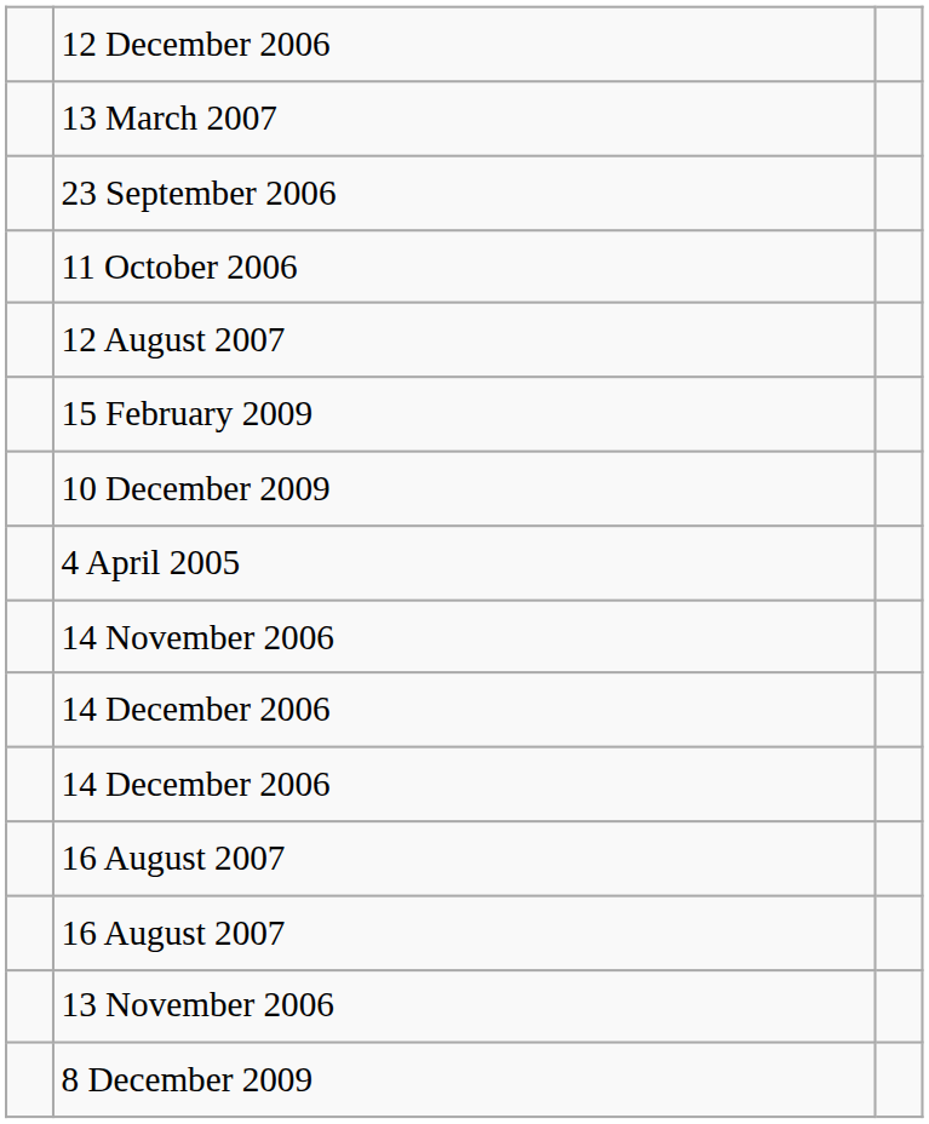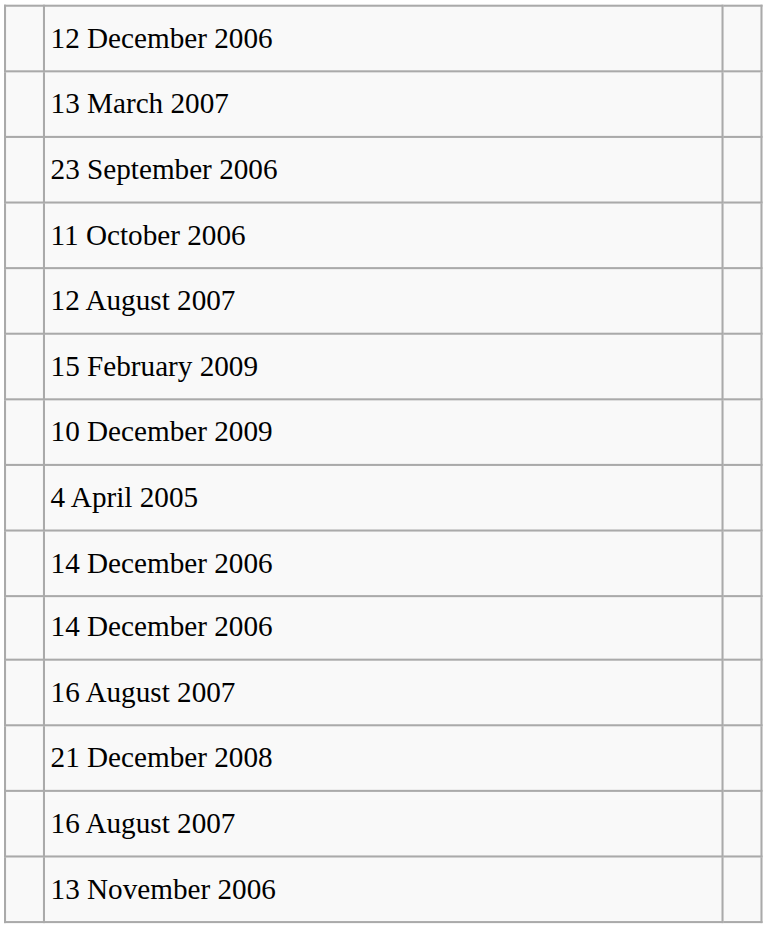 <table class="wikitable" style="font-size: 89%; float: left; width: 26em; margin-right: 1em; height: 448px;">
 <tr>
 <td></td>
 <td>12 December 2006</td>
 <td></td>
 </tr>
 <tr>
 <td></td>
 <td>13 March 2007</td>
 <td></td>
 </tr>
 <tr>
 <td></td>
 <td>23 September 2006</td>
 <td></td>
 </tr>
 <tr>
 <td></td>
 <td>11 October 2006</td>
 <td></td>
 </tr>
 <tr>
 <td></td>
 <td>12 August 2007</td>
 <td></td>
 </tr>
 <tr>
 <td></td>
 <td>15 February 2009</td>
 <td></td>
 </tr>
 <tr>
 <td></td>
 <td>10 December 2009</td>
 <td></td>
 </tr>
 <tr>
 <td></td>
 <td>4 April 2005</td>
 <td></td>
 </tr>
 <tr>
 <td></td>
-<td>14 November 2006</td>
-<td></td>
-</tr>
-<tr>
-<td></td>
 <td>14 December 2006</td>
 <td></td>
 </tr>
 <tr>
 <td></td>
 <td>14 December 2006</td>
 <td></td>
 </tr>
 <tr>
 <td></td>
 <td>16 August 2007</td>
 <td></td>
 </tr>
 <tr>
 <td></td>
+<td>21 December 2008</td>
+<td></td>
+</tr>
+<tr>
+<td></td>
 <td>16 August 2007</td>
 <td></td>
 </tr>
 <tr>
 <td></td>
 <td>13 November 2006</td>
 <td></td>
 </tr>
-<tr>
-<td></td>
-<td>8 December 2009</td>
-<td></td>
-</tr>
 </table>
